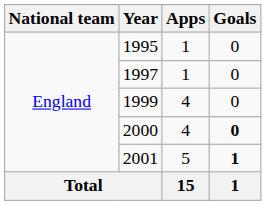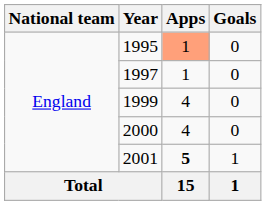 <table class="wikitable" style="text-align:center">
 <tr>
 <th>National team</th>
 <th>Year</th>
 <th>Apps</th>
 <th>Goals</th>
 </tr>
 <tr>
 <td rowspan="5"><a href='#'>England</a></td>
 <td>1995</td>
-<td>1</td>
+<td style="background: lightsalmon;">1</td>
 <td>0</td>
 </tr>
 <tr>
 <td>1997</td>
 <td>1</td>
 <td>0</td>
 </tr>
 <tr>
 <td>1999</td>
 <td>4</td>
 <td>0</td>
 </tr>
 <tr>
 <td>2000</td>
 <td>4</td>
-<td><strong>0</strong></td>
+<td>0</td>
 </tr>
 <tr>
 <td>2001</td>
-<td>5</td>
-<td><strong>1</strong></td>
+<td><strong>5</strong></td>
+<td>1</td>
 </tr>
 <tr>
 <th colspan="2">Total</th>
 <th>15</th>
 <th>1</th>
 </tr>
 </table>
